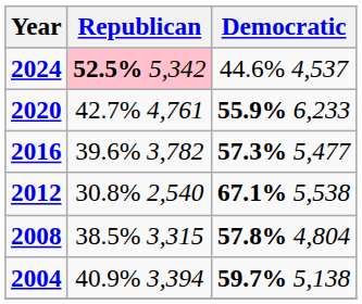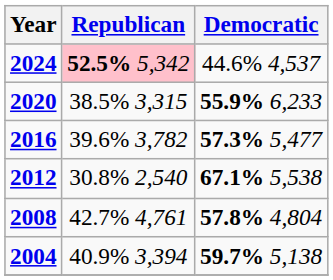 <table class="wikitable" style="float:right; margin: 1em 1em 1em 0; font-size: 95%;">
 <tr>
 <th>Year</th>
 <th><a href='#'>Republican</a></th>
 <th><a href='#'>Democratic</a></th>
 </tr>
 <tr>
 <td style="text-align:center; "><strong><a href='#'>2024</a></strong></td>
 <td style="background: pink; text-align:center; "><strong>52.5%</strong> <em>5,342</em></td>
 <td style="text-align:center; ">44.6% <em>4,537</em></td>
 </tr>
 <tr>
 <td style="text-align:center; "><strong><a href='#'>2020</a></strong></td>
-<td style="text-align:center; ">42.7% <em>4,761</em></td>
+<td style="text-align:center; ">38.5% <em>3,315</em></td>
 <td style="text-align:center; "><strong>55.9%</strong>  <em>6,233</em></td>
 </tr>
 <tr>
 <td style="text-align:center; "><strong><a href='#'>2016</a></strong></td>
 <td style="text-align:center; ">39.6% <em>3,782</em></td>
 <td style="text-align:center; "><strong>57.3%</strong>  <em>5,477</em></td>
 </tr>
 <tr>
 <td style="text-align:center; "><strong><a href='#'>2012</a></strong></td>
 <td style="text-align:center; ">30.8% <em>2,540</em></td>
 <td style="text-align:center; "><strong>67.1%</strong>  <em>5,538</em></td>
 </tr>
 <tr>
 <td style="text-align:center; "><strong><a href='#'>2008</a></strong></td>
-<td style="text-align:center; ">38.5% <em>3,315</em></td>
+<td style="text-align:center; ">42.7% <em>4,761</em></td>
 <td style="text-align:center; "><strong>57.8%</strong> <em>4,804</em></td>
 </tr>
 <tr>
 <td style="text-align:center; "><strong><a href='#'>2004</a></strong></td>
 <td style="text-align:center; ">40.9% <em>3,394</em></td>
 <td style="text-align:center; "><strong>59.7%</strong>  <em>5,138</em></td>
 </tr>
 <tr>
 </tr>
 </table>
